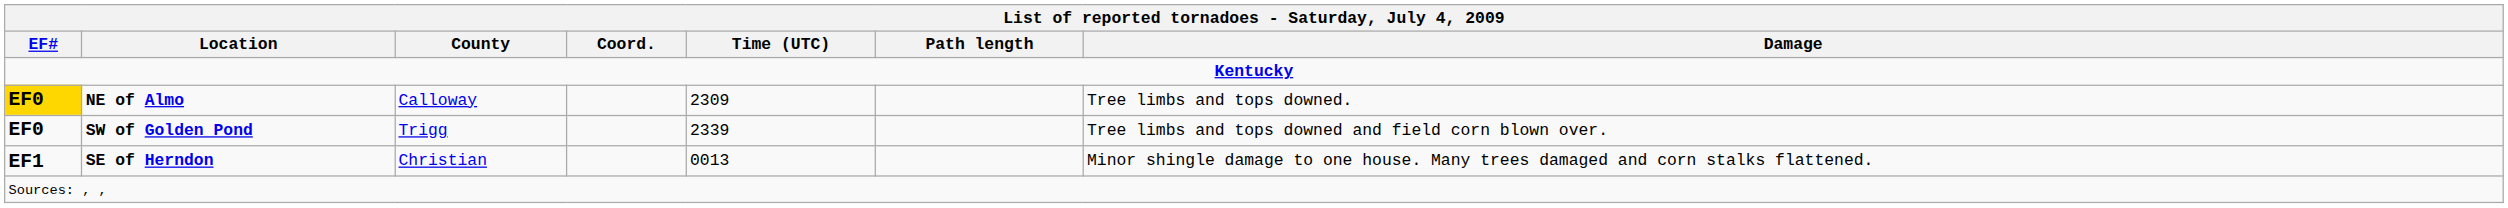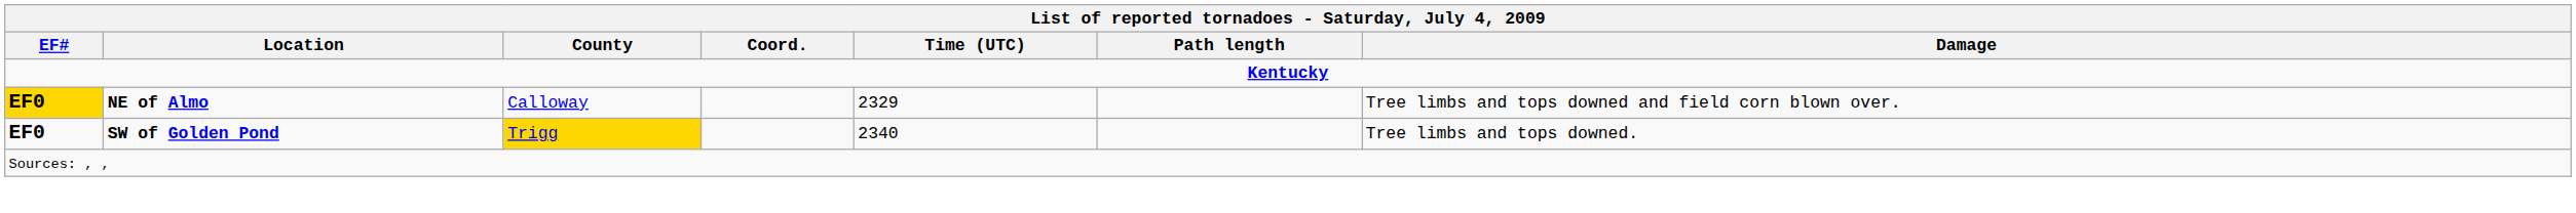 <table class="wikitable collapsible" style="width:100%;">
 <tr>
 <th colspan="7">List of reported tornadoes - Saturday, July 4, 2009</th>
 </tr>
 <tr>
 <th><a href='#'>EF#</a></th>
 <th>Location</th>
 <th>County</th>
 <th>Coord.</th>
 <th>Time (UTC)</th>
 <th>Path length</th>
 <th>Damage</th>
 </tr>
 <tr>
 <td colspan="7" style="text-align:center;"><strong><a href='#'>Kentucky</a></strong></td>
 </tr>
 <tr>
 <td style="background: gold;"><big><strong>EF0</strong></big></td>
 <td><strong>NE of <a href='#'>Almo</a></strong></td>
 <td><a href='#'>Calloway</a></td>
 <td></td>
-<td>2309</td>
+<td>2329</td>
 <td></td>
-<td>Tree limbs and tops downed.</td>
+<td>Tree limbs and tops downed and field corn blown over.</td>
 </tr>
 <tr>
 <td><big><strong>EF0</strong></big></td>
 <td><strong>SW of <a href='#'>Golden Pond</a></strong></td>
-<td><a href='#'>Trigg</a></td>
+<td style="background: gold;"><a href='#'>Trigg</a></td>
 <td></td>
-<td>2339</td>
+<td>2340</td>
 <td></td>
-<td>Tree limbs and tops downed and field corn blown over.</td>
-</tr>
-<tr>
-<td><big><strong>EF1</strong></big></td>
-<td><strong>SE of <a href='#'>Herndon</a></strong></td>
-<td><a href='#'>Christian</a></td>
-<td></td>
-<td>0013</td>
-<td></td>
-<td>Minor shingle damage to one house. Many trees damaged and corn stalks flattened.</td>
+<td>Tree limbs and tops downed.</td>
 </tr>
 <tr>
 <td colspan="7"><small>Sources: , , </small></td>
 </tr>
 </table>
